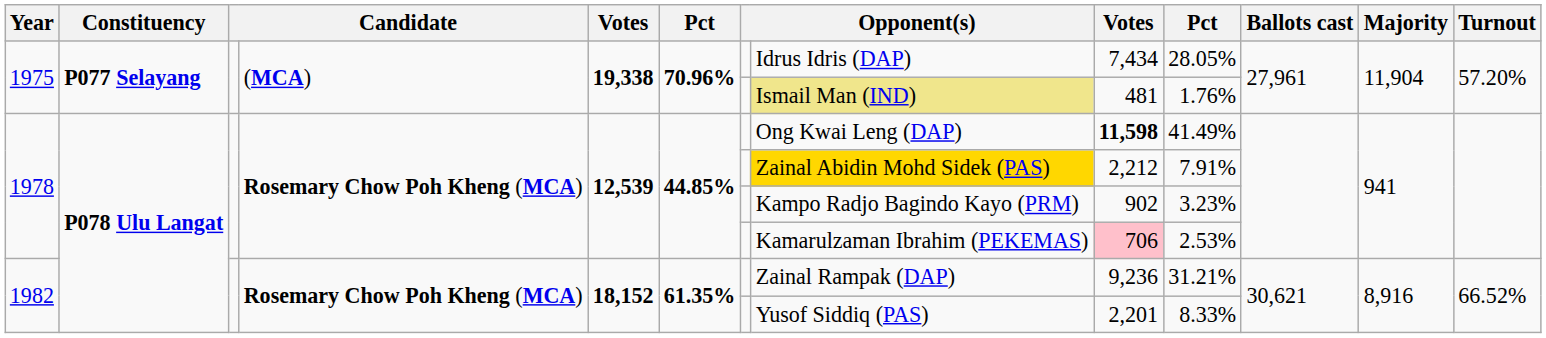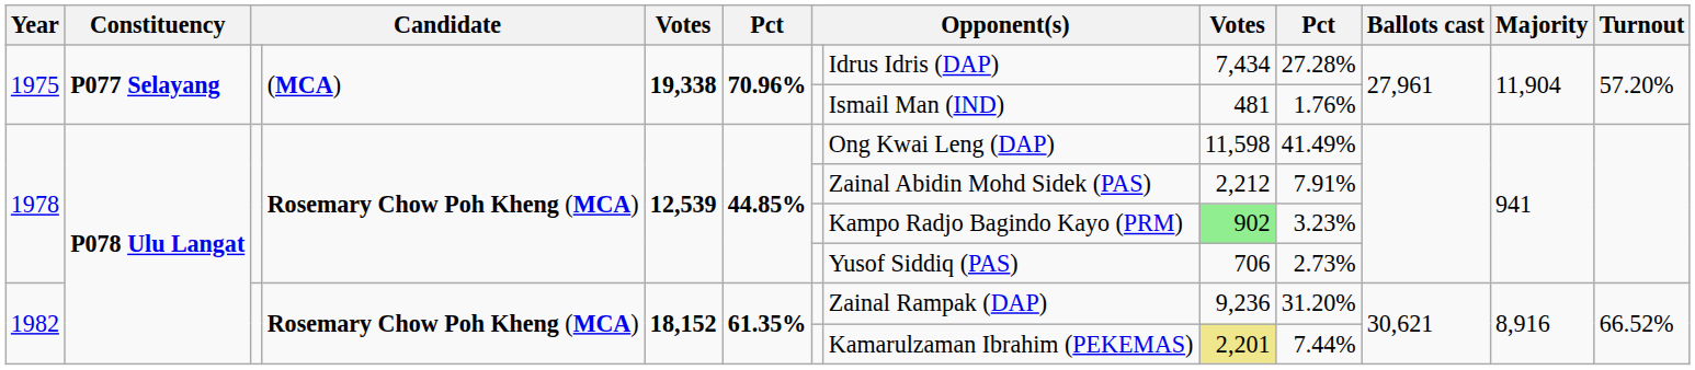 <table class="wikitable" style="margin:0.5em ; font-size:95%">
 <tr>
 <th>Year</th>
 <th>Constituency</th>
 <th colspan=2>Candidate</th>
 <th>Votes</th>
 <th>Pct</th>
 <th colspan=2>Opponent(s)</th>
 <th>Votes</th>
 <th>Pct</th>
 <th>Ballots cast</th>
 <th>Majority</th>
 <th>Turnout</th>
 </tr>
 <tr>
 <td rowspan=2><a href='#'>1975</a></td>
 <td rowspan=2><strong>P077 <a href='#'>Selayang</a></strong></td>
 <td rowspan=2 ></td>
 <td rowspan=2><strong></strong> (<a href='#'><strong>MCA</strong></a>)</td>
 <td rowspan=2 align=right><strong>19,338</strong></td>
 <td rowspan=2><strong>70.96%</strong></td>
 <td></td>
 <td>Idrus Idris (<a href='#'>DAP</a>)</td>
 <td align=right>7,434</td>
-<td>28.05%</td>
+<td>27.28%</td>
 <td rowspan=2>27,961</td>
 <td rowspan=2>11,904</td>
 <td rowspan=2>57.20%</td>
 </tr>
 <tr>
 <td></td>
-<td style="background: khaki;">Ismail Man (<a href='#'>IND</a>)</td>
+<td>Ismail Man (<a href='#'>IND</a>)</td>
 <td align=right>481</td>
 <td align=right>1.76%</td>
 </tr>
 <tr>
 <td rowspan=4><a href='#'>1978</a></td>
 <td rowspan=6><strong>P078 <a href='#'>Ulu Langat</a></strong></td>
 <td rowspan=4 ></td>
 <td rowspan=4><strong>Rosemary Chow Poh Kheng</strong> (<a href='#'><strong>MCA</strong></a>)</td>
 <td rowspan=4 align=right><strong>12,539</strong></td>
 <td rowspan=4><strong>44.85%</strong></td>
 <td></td>
 <td>Ong Kwai Leng (<a href='#'>DAP</a>)</td>
-<td align=right><strong>11,598</strong></td>
+<td align=right>11,598</td>
 <td>41.49%</td>
 <td rowspan=4></td>
 <td rowspan=4>941</td>
 <td rowspan=4></td>
 </tr>
 <tr>
 <td></td>
-<td style="background: gold;">Zainal Abidin Mohd Sidek (<a href='#'>PAS</a>)</td>
+<td>Zainal Abidin Mohd Sidek (<a href='#'>PAS</a>)</td>
 <td align=right>2,212</td>
 <td align=right>7.91%</td>
 </tr>
 <tr>
 <td bgcolor=></td>
 <td>Kampo Radjo Bagindo Kayo (<a href='#'>PRM</a>)</td>
-<td align=right>902</td>
+<td align=right style="background: lightgreen;">902</td>
 <td align=right>3.23%</td>
 </tr>
 <tr>
 <td></td>
-<td>Kamarulzaman Ibrahim (<a href='#'>PEKEMAS</a>)</td>
-<td align=right style="background: pink;">706</td>
-<td align=right>2.53%</td>
+<td>Yusof Siddiq (<a href='#'>PAS</a>)</td>
+<td align=right>706</td>
+<td align=right>2.73%</td>
 </tr>
 <tr>
 <td rowspan=2><a href='#'>1982</a></td>
 <td rowspan=2 ></td>
 <td rowspan=2><strong>Rosemary Chow Poh Kheng</strong> (<a href='#'><strong>MCA</strong></a>)</td>
 <td rowspan=2 align=right><strong>18,152</strong></td>
 <td rowspan=2><strong>61.35%</strong></td>
 <td></td>
 <td>Zainal Rampak (<a href='#'>DAP</a>)</td>
 <td align=right>9,236</td>
-<td>31.21%</td>
+<td>31.20%</td>
 <td rowspan=2>30,621</td>
 <td rowspan=2>8,916</td>
 <td rowspan=2>66.52%</td>
 </tr>
 <tr>
 <td></td>
-<td>Yusof Siddiq (<a href='#'>PAS</a>)</td>
-<td align=right>2,201</td>
-<td align=right>8.33%</td>
+<td>Kamarulzaman Ibrahim (<a href='#'>PEKEMAS</a>)</td>
+<td align=right style="background: khaki;">2,201</td>
+<td align=right>7.44%</td>
 </tr>
 </table>
